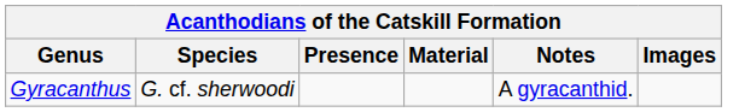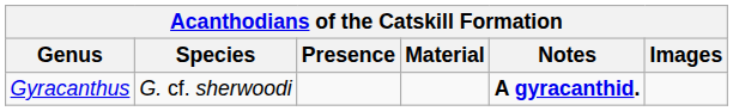 <table class="wikitable" align="center">
 <tr>
 <th colspan="6" align="center"><a href='#'>Acanthodians</a> of the Catskill Formation</th>
 </tr>
 <tr>
 <th>Genus</th>
 <th>Species</th>
 <th>Presence</th>
 <th>Material</th>
 <th>Notes</th>
 <th>Images</th>
 </tr>
 <tr>
 <td><em><a href='#'>Gyracanthus</a></em></td>
 <td><em>G.</em> cf. <em>sherwoodi</em></td>
 <td></td>
 <td></td>
-<td>A <a href='#'>gyracanthid</a>.</td>
+<td><strong>A <a href='#'>gyracanthid</a>.</strong></td>
 <td></td>
 </tr>
 </table>
